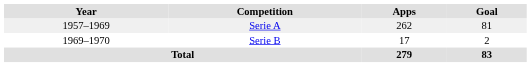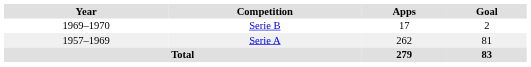 <table border="0" cellpadding="2" cellspacing="0" style="width:50%;">
 <tr style="text-align:center; background:#e0e0e0;">
 <th>Year</th>
 <th>Competition</th>
 <th>Apps</th>
 <th>Goal</th>
 </tr>
+<tr style="text-align:center;">
+<td>1969–1970</td>
+<td><a href='#'>Serie B</a></td>
+<td>17</td>
+<td>2</td>
+</tr>
 <tr style="text-align:center; background:#f0f0f0;">
 <td>1957–1969</td>
 <td><a href='#'>Serie A</a></td>
 <td>262</td>
 <td>81</td>
-</tr>
-<tr style="text-align:center;">
-<td>1969–1970</td>
-<td><a href='#'>Serie B</a></td>
-<td>17</td>
-<td>2</td>
 </tr>
 <tr style="text-align:center; background:#e0e0e0;">
 <th colspan="2">Total</th>
 <th style="text-align:center;">279</th>
 <th style="text-align:center;">83</th>
 </tr>
 </table>
